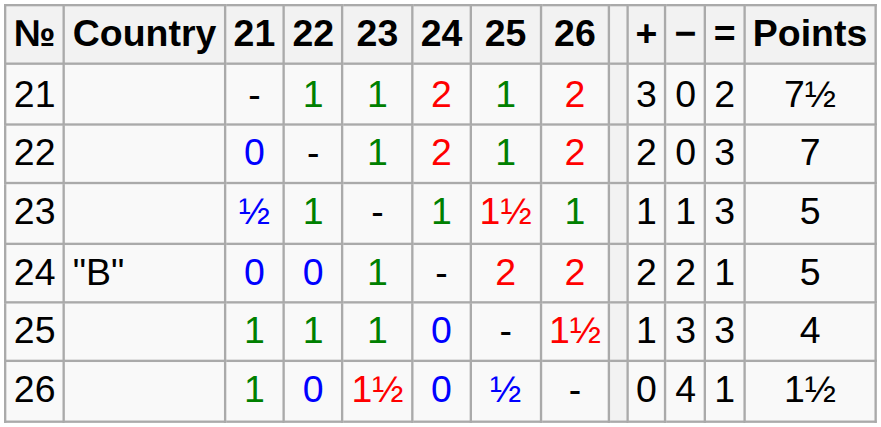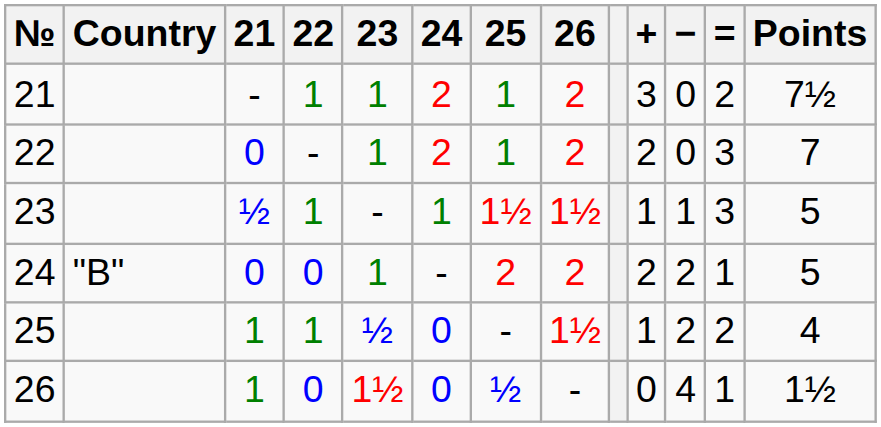 <table class="wikitable" style="text-align:center">
 <tr>
 <th>№</th>
 <th>Country</th>
 <th>21</th>
 <th>22</th>
 <th>23</th>
 <th>24</th>
 <th>25</th>
 <th>26</th>
 <th></th>
 <th>+</th>
 <th>−</th>
 <th>=</th>
 <th>Points</th>
 </tr>
 <tr>
 <td>21</td>
 <td style="text-align: left"></td>
 <td>-</td>
 <td style="color:green;">1</td>
 <td style="color:green;">1</td>
 <td style="color:red;">2</td>
 <td style="color:green;">1</td>
 <td style="color:red;">2</td>
 <th></th>
 <td>3</td>
 <td>0</td>
 <td>2</td>
 <td>7½</td>
 </tr>
 <tr>
 <td>22</td>
 <td style="text-align: left"></td>
 <td style="color:blue;">0</td>
 <td>-</td>
 <td style="color:green;">1</td>
 <td style="color:red;">2</td>
 <td style="color:green;">1</td>
 <td style="color:red;">2</td>
 <th></th>
 <td>2</td>
 <td>0</td>
 <td>3</td>
 <td>7</td>
 </tr>
 <tr>
 <td>23</td>
 <td style="text-align: left"></td>
 <td style="color:blue;">½</td>
 <td style="color:green;">1</td>
 <td>-</td>
 <td style="color:green;">1</td>
 <td style="color:red;">1½</td>
-<td style="color:green;">1</td>
+<td style="color:red;">1½</td>
 <th></th>
 <td>1</td>
 <td>1</td>
 <td>3</td>
 <td>5</td>
 </tr>
 <tr>
 <td>24</td>
 <td style="text-align: left"> "B"</td>
 <td style="color:blue;">0</td>
 <td style="color:blue;">0</td>
 <td style="color:green;">1</td>
 <td>-</td>
 <td style="color:red;">2</td>
 <td style="color:red;">2</td>
 <th></th>
 <td>2</td>
 <td>2</td>
 <td>1</td>
 <td>5</td>
 </tr>
 <tr>
 <td>25</td>
 <td style="text-align: left"></td>
 <td style="color:green;">1</td>
 <td style="color:green;">1</td>
-<td style="color:green;">1</td>
+<td style="color:blue;">½</td>
 <td style="color:blue;">0</td>
 <td>-</td>
 <td style="color:red;">1½</td>
 <th></th>
 <td>1</td>
-<td>3</td>
-<td>3</td>
+<td>2</td>
+<td>2</td>
 <td>4</td>
 </tr>
 <tr>
 <td>26</td>
 <td style="text-align: left"></td>
 <td style="color:green;">1</td>
 <td style="color:blue;">0</td>
 <td style="color:red;">1½</td>
 <td style="color:blue;">0</td>
 <td style="color:blue;">½</td>
 <td>-</td>
 <th></th>
 <td>0</td>
 <td>4</td>
 <td>1</td>
 <td>1½</td>
 </tr>
 </table>
